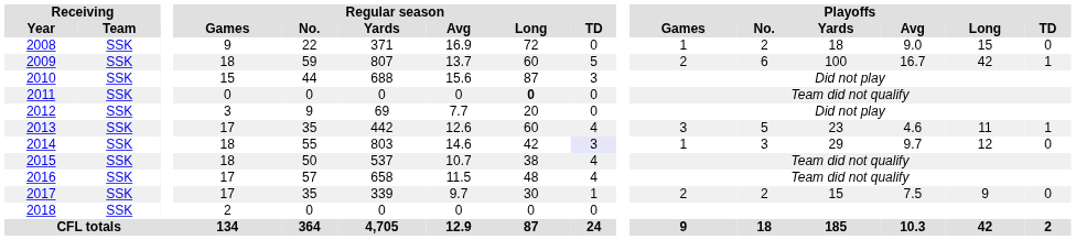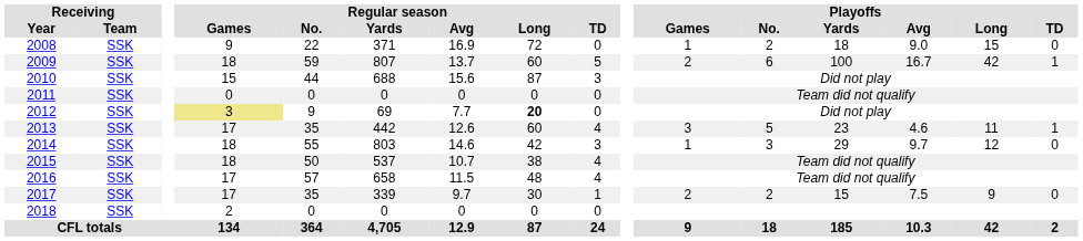 <table border="0" cellpadding="1" cellspacing="0"  style="width:65%; text-align:center;">
 <tr style="background:#e0e0e0;">
 <th colspan="2">Receiving</th>
 <th rowspan="99" style="background:#fff;"> </th>
 <th colspan="6">Regular season</th>
 <th rowspan="99" style="background:#fff;"> </th>
 <th colspan="6">Playoffs</th>
 </tr>
 <tr style="background:#e0e0e0;">
 <th>Year</th>
 <th>Team</th>
 <th>Games</th>
 <th>No.</th>
 <th>Yards</th>
 <th>Avg</th>
 <th>Long</th>
 <th>TD</th>
 <th>Games</th>
 <th>No.</th>
 <th>Yards</th>
 <th>Avg</th>
 <th>Long</th>
 <th>TD</th>
 </tr>
 <tr style="text-align:center;">
 <td><a href='#'>2008</a></td>
 <td><a href='#'>SSK</a></td>
 <td>9</td>
 <td>22</td>
 <td>371</td>
 <td>16.9</td>
 <td>72</td>
 <td>0</td>
 <td>1</td>
 <td>2</td>
 <td>18</td>
 <td>9.0</td>
 <td>15</td>
 <td>0</td>
 </tr>
 <tr style="text-align:center; background:#f0f0f0;">
 <td><a href='#'>2009</a></td>
 <td><a href='#'>SSK</a></td>
 <td>18</td>
 <td>59</td>
 <td>807</td>
 <td>13.7</td>
 <td>60</td>
 <td>5</td>
 <td>2</td>
 <td>6</td>
 <td>100</td>
 <td>16.7</td>
 <td>42</td>
 <td>1</td>
 </tr>
 <tr style="text-align:center;">
 <td><a href='#'>2010</a></td>
 <td><a href='#'>SSK</a></td>
 <td>15</td>
 <td>44</td>
 <td>688</td>
 <td>15.6</td>
 <td>87</td>
 <td>3</td>
 <td colspan="6"><em>Did not play</em></td>
 </tr>
 <tr style="text-align:center; background:#f0f0f0;">
 <td><a href='#'>2011</a></td>
 <td><a href='#'>SSK</a></td>
 <td>0</td>
 <td>0</td>
 <td>0</td>
 <td>0</td>
-<td><strong>0</strong></td>
+<td>0</td>
 <td>0</td>
 <td colspan="6"><em>Team did not qualify</em></td>
 </tr>
 <tr style="text-align:center;">
 <td><a href='#'>2012</a></td>
 <td><a href='#'>SSK</a></td>
-<td>3</td>
+<td style="background: khaki;">3</td>
 <td>9</td>
 <td>69</td>
 <td>7.7</td>
-<td>20</td>
+<td><strong>20</strong></td>
 <td>0</td>
 <td colspan="6"><em>Did not play</em></td>
 </tr>
 <tr style="text-align:center; background:#f0f0f0;">
 <td><a href='#'>2013</a></td>
 <td><a href='#'>SSK</a></td>
 <td>17</td>
 <td>35</td>
 <td>442</td>
 <td>12.6</td>
 <td>60</td>
 <td>4</td>
 <td>3</td>
 <td>5</td>
 <td>23</td>
 <td>4.6</td>
 <td>11</td>
 <td>1</td>
 </tr>
 <tr style="text-align:center;">
 <td><a href='#'>2014</a></td>
 <td><a href='#'>SSK</a></td>
 <td>18</td>
 <td>55</td>
 <td>803</td>
 <td>14.6</td>
 <td>42</td>
-<td style="background: lavender;">3</td>
+<td>3</td>
 <td>1</td>
 <td>3</td>
 <td>29</td>
 <td>9.7</td>
 <td>12</td>
 <td>0</td>
 </tr>
 <tr style="text-align:center; background:#f0f0f0;">
 <td><a href='#'>2015</a></td>
 <td><a href='#'>SSK</a></td>
 <td>18</td>
 <td>50</td>
 <td>537</td>
 <td>10.7</td>
 <td>38</td>
 <td>4</td>
 <td colspan="6"><em>Team did not qualify</em></td>
 </tr>
 <tr style="text-align:center;">
 <td><a href='#'>2016</a></td>
 <td><a href='#'>SSK</a></td>
 <td>17</td>
 <td>57</td>
 <td>658</td>
 <td>11.5</td>
 <td>48</td>
 <td>4</td>
 <td colspan="6"><em>Team did not qualify</em></td>
 </tr>
 <tr style="text-align:center; background:#f0f0f0;">
 <td><a href='#'>2017</a></td>
 <td><a href='#'>SSK</a></td>
 <td>17</td>
 <td>35</td>
 <td>339</td>
 <td>9.7</td>
 <td>30</td>
 <td>1</td>
 <td>2</td>
 <td>2</td>
 <td>15</td>
 <td>7.5</td>
 <td>9</td>
 <td>0</td>
 </tr>
 <tr style="text-align:center;">
 <td><a href='#'>2018</a></td>
 <td><a href='#'>SSK</a></td>
 <td>2</td>
 <td>0</td>
 <td>0</td>
 <td>0</td>
 <td>0</td>
 <td>0</td>
 <td></td>
 <td></td>
 <td></td>
 <td></td>
 <td></td>
 <td></td>
 </tr>
 <tr style="background:#e0e0e0;">
 <th colspan="3">CFL totals</th>
 <th>134</th>
 <th>364</th>
 <th>4,705</th>
 <th>12.9</th>
 <th>87</th>
 <th>24</th>
 <th>9</th>
 <th>18</th>
 <th>185</th>
 <th>10.3</th>
 <th>42</th>
 <th>2</th>
 </tr>
 </table>
